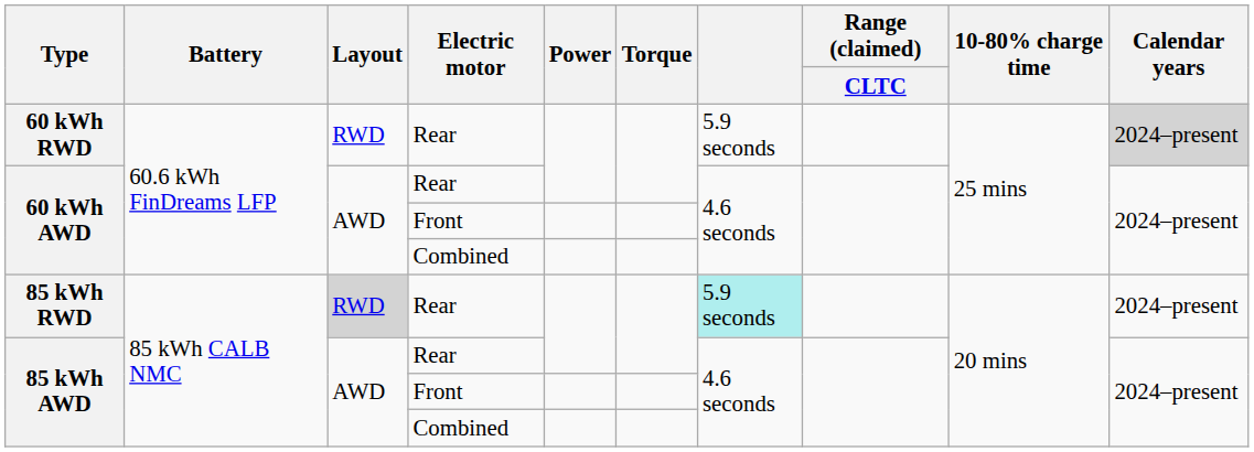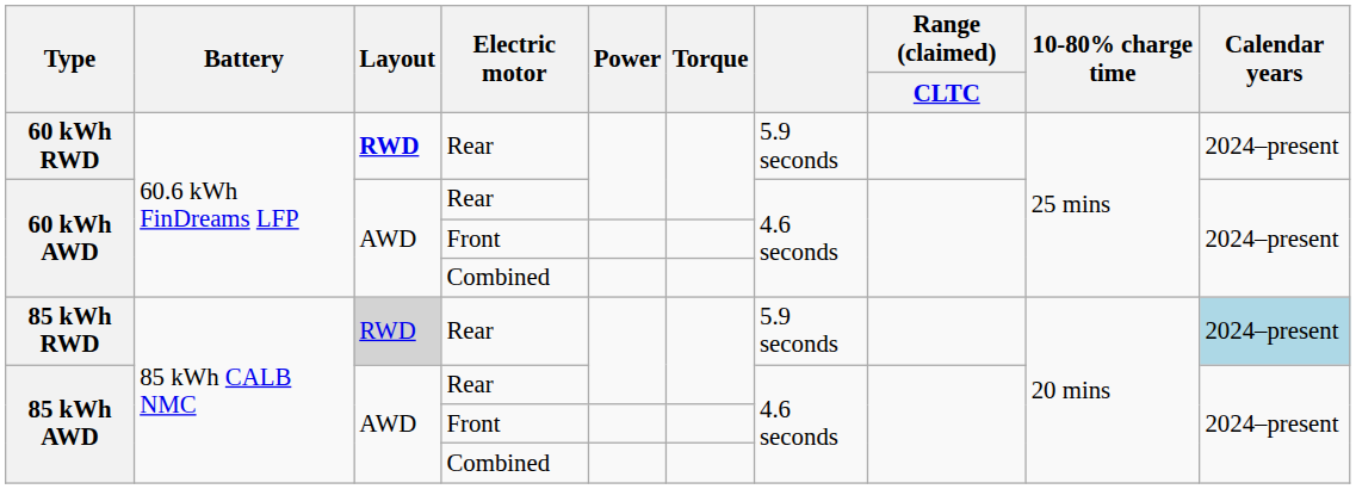 <table class="wikitable" style="text-align:left; font-size:100%">
 <tr>
 <th rowspan="2">Type</th>
 <th rowspan="2">Battery</th>
 <th rowspan="2">Layout</th>
 <th rowspan="2">Electric<wbr> motor</th>
 <th rowspan="2">Power</th>
 <th rowspan="2">Torque</th>
 <th rowspan="2"></th>
 <th>Range (claimed)</th>
 <th rowspan="2">10-80% charge time</th>
 <th rowspan="2">Calendar years</th>
 </tr>
 <tr>
 <th><a href='#'>CLTC</a></th>
 </tr>
 <tr>
 <th>60 kWh RWD</th>
 <td rowspan="4">60.6 kWh <a href='#'>FinDreams</a> <a href='#'>LFP</a></td>
-<td><a href='#'>RWD</a></td>
+<td><strong><a href='#'>RWD</a></strong></td>
 <td>Rear</td>
 <td rowspan="2"></td>
 <td rowspan="2"></td>
 <td>5.9 seconds</td>
 <td></td>
 <td rowspan="4">25 mins</td>
-<td style="background: lightgrey;">2024–present</td>
+<td>2024–present</td>
 </tr>
 <tr>
 <th rowspan="3">60 kWh AWD</th>
 <td rowspan="3">AWD</td>
 <td>Rear</td>
 <td rowspan="3">4.6 seconds</td>
 <td rowspan="3"></td>
 <td rowspan="3">2024–present</td>
 </tr>
 <tr>
 <td>Front</td>
 <td></td>
 <td></td>
 </tr>
 <tr>
 <td>Combined</td>
 <td></td>
 <td></td>
 </tr>
 <tr>
 <th>85 kWh RWD</th>
 <td rowspan="4">85 kWh <a href='#'>CALB</a> <a href='#'>NMC</a></td>
 <td style="background: lightgrey;"><a href='#'>RWD</a></td>
 <td>Rear</td>
 <td rowspan="2"></td>
 <td rowspan="2"></td>
-<td style="background: paleturquoise;">5.9 seconds</td>
+<td>5.9 seconds</td>
 <td></td>
 <td rowspan="4">20 mins</td>
-<td>2024–present</td>
+<td style="background: lightblue;">2024–present</td>
 </tr>
 <tr>
 <th rowspan="3">85 kWh AWD</th>
 <td rowspan="3">AWD</td>
 <td>Rear</td>
 <td rowspan="3">4.6 seconds</td>
 <td rowspan="3"></td>
 <td rowspan="3">2024–present</td>
 </tr>
 <tr>
 <td>Front</td>
 <td></td>
 <td></td>
 </tr>
 <tr>
 <td>Combined</td>
 <td></td>
 <td></td>
 </tr>
 </table>
